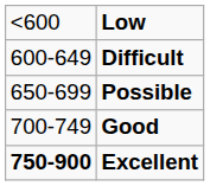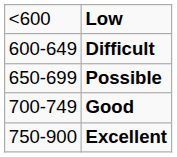 <table class="wikitable">
 <tr>
 <td><600</td>
 <td><strong>Low</strong></td>
 </tr>
 <tr>
 <td>600-649</td>
 <td><strong>Difficult</strong></td>
 </tr>
 <tr>
 <td>650-699</td>
 <td><strong>Possible</strong></td>
 </tr>
 <tr>
 <td>700-749</td>
 <td><strong>Good</strong></td>
 </tr>
 <tr>
-<td><strong>750-900</strong></td>
+<td>750-900</td>
 <td><strong>Excellent</strong></td>
 </tr>
 </table>
